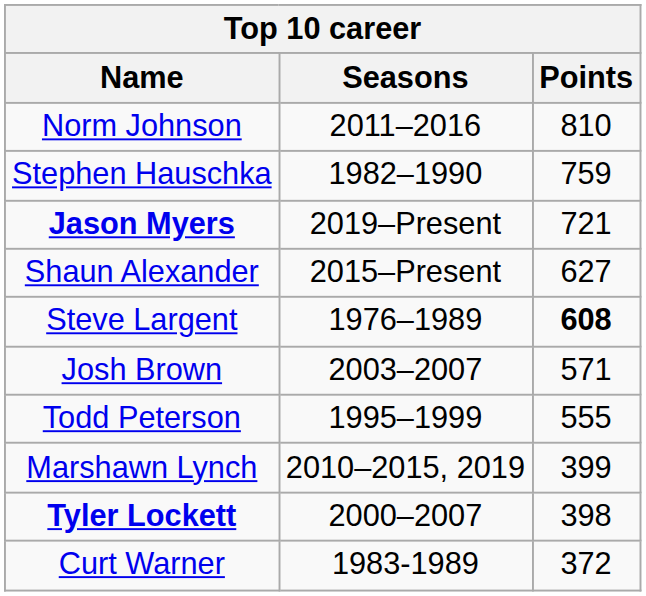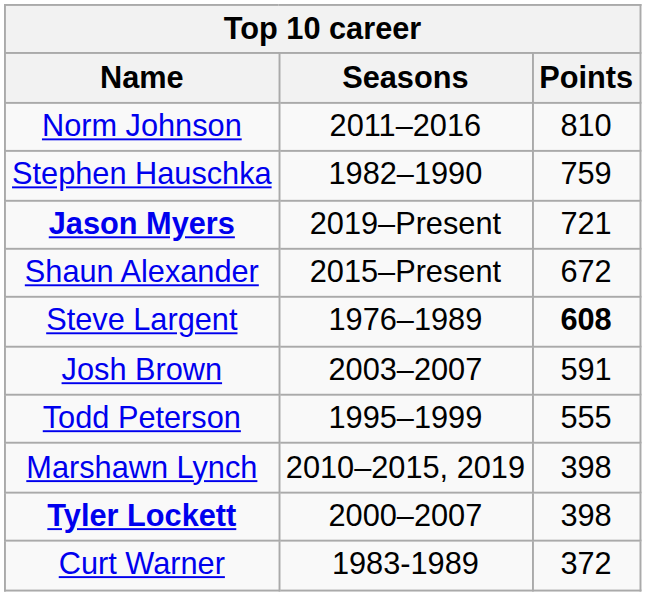 <table class="wikitable" style="text-align:center">
 <tr>
 <th colspan="3"><strong>Top 10 career</strong></th>
 </tr>
 <tr>
 <th><strong>Name</strong></th>
 <th><strong>Seasons</strong></th>
 <th><strong>Points</strong></th>
 </tr>
 <tr>
 <td><a href='#'>Norm Johnson</a></td>
 <td>2011–2016</td>
 <td>810</td>
 </tr>
 <tr>
 <td><a href='#'>Stephen Hauschka</a></td>
 <td>1982–1990</td>
 <td>759</td>
 </tr>
 <tr>
 <td><strong><a href='#'>Jason Myers</a></strong></td>
 <td>2019–Present</td>
 <td>721</td>
 </tr>
 <tr>
 <td><a href='#'>Shaun Alexander</a></td>
 <td>2015–Present</td>
-<td>627</td>
+<td>672</td>
 </tr>
 <tr>
 <td><a href='#'>Steve Largent</a></td>
 <td>1976–1989</td>
 <td><strong>608</strong></td>
 </tr>
 <tr>
 <td><a href='#'>Josh Brown</a></td>
 <td>2003–2007</td>
-<td>571</td>
+<td>591</td>
 </tr>
 <tr>
 <td><a href='#'>Todd Peterson</a></td>
 <td>1995–1999</td>
 <td>555</td>
 </tr>
 <tr>
 <td><a href='#'>Marshawn Lynch</a></td>
 <td>2010–2015, 2019</td>
-<td>399</td>
+<td>398</td>
 </tr>
 <tr>
 <td><strong><a href='#'>Tyler Lockett</a></strong></td>
 <td>2000–2007</td>
 <td>398</td>
 </tr>
 <tr>
 <td><a href='#'>Curt Warner</a></td>
 <td>1983-1989</td>
 <td>372</td>
 </tr>
 </table>
